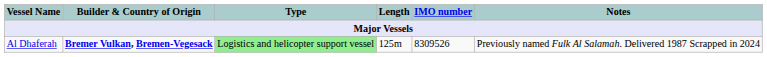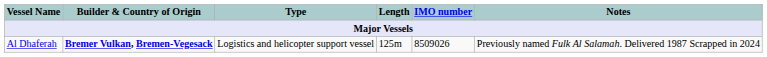 <table class="wikitable">
 <tr>
 <th style="text-align:center; background:#acc;">Vessel Name</th>
 <th style="text-align: center; background:#acc;">Builder & Country of Origin</th>
 <th style="text-align:l center; background:#acc;">Type</th>
 <th style="text-align:center; background:#acc;">Length</th>
 <th style="text-align: center; background:#acc;"><a href='#'>IMO number</a></th>
 <th style="text-align: center; background:#acc;">Notes</th>
 </tr>
 <tr>
 <th style="align: center; background: lavender;" colspan="6">Major Vessels</th>
 </tr>
 <tr>
 <td><a href='#'>Al Dhaferah</a></td>
 <td><strong><a href='#'>Bremer Vulkan</a>, <a href='#'>Bremen-Vegesack</a> </strong></td>
-<td style="background: lightgreen;">Logistics and helicopter support vessel</td>
+<td>Logistics and helicopter support vessel</td>
 <td>125m</td>
-<td>8309526</td>
+<td>8509026</td>
 <td>Previously named <em>Fulk Al Salamah</em>. Delivered 1987  Scrapped in 2024</td>
 </tr>
 </table>
